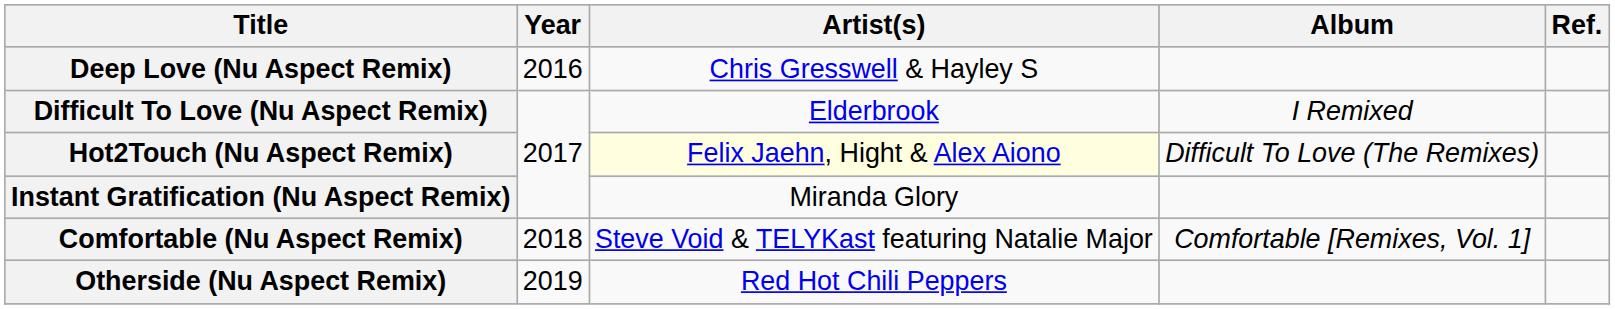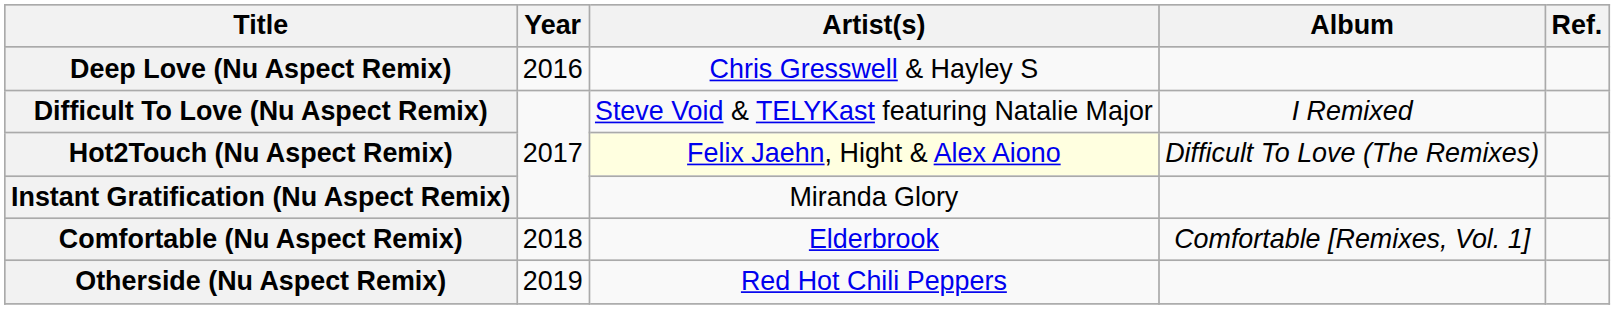 <table class="wikitable plainrowheaders" style="text-align:center;">
 <tr>
 <th>Title</th>
 <th>Year</th>
 <th>Artist(s)</th>
 <th>Album</th>
 <th>Ref.</th>
 </tr>
 <tr>
 <th scope="row">Deep Love (Nu Aspect Remix)</th>
 <td>2016</td>
 <td><a href='#'>Chris Gresswell</a> & Hayley S</td>
 <td></td>
 <td></td>
 </tr>
 <tr>
 <th scope="row">Difficult To Love (Nu Aspect Remix)</th>
 <td rowspan="3">2017</td>
-<td><a href='#'>Elderbrook</a></td>
+<td><a href='#'>Steve Void</a> & <a href='#'>TELYKast</a> featuring Natalie Major</td>
 <td><em>I Remixed</em></td>
 <td></td>
 </tr>
 <tr>
 <th scope="row">Hot2Touch (Nu Aspect Remix)</th>
 <td style="background: lightyellow;"><a href='#'>Felix Jaehn</a>, Hight & <a href='#'>Alex Aiono</a></td>
 <td><em>Difficult To Love (The Remixes)</em></td>
 <td></td>
 </tr>
 <tr>
 <th scope="row">Instant Gratification (Nu Aspect Remix)</th>
 <td>Miranda Glory</td>
 <td></td>
 <td></td>
 </tr>
 <tr>
 <th scope="row">Comfortable (Nu Aspect Remix)</th>
 <td>2018</td>
-<td><a href='#'>Steve Void</a> & <a href='#'>TELYKast</a> featuring Natalie Major</td>
+<td><a href='#'>Elderbrook</a></td>
 <td><em>Comfortable [Remixes, Vol. 1]</em></td>
 <td></td>
 </tr>
 <tr>
 <th scope="row">Otherside (Nu Aspect Remix)</th>
 <td>2019</td>
 <td><a href='#'>Red Hot Chili Peppers</a></td>
 <td></td>
 <td></td>
 </tr>
 </table>
